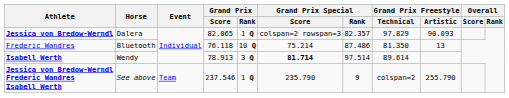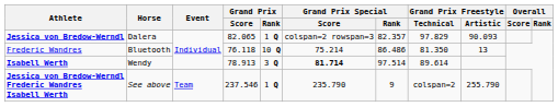 <table class=wikitable style="font-size:90%; text-align:center;">
 <tr>
 <th rowspan=2>Athlete</th>
 <th rowspan=2>Horse</th>
 <th rowspan=2>Event</th>
 <th colspan=2>Grand Prix</th>
 <th colspan=2>Grand Prix Special</th>
 <th colspan=2>Grand Prix Freestyle</th>
 <th colspan=2>Overall</th>
 </tr>
 <tr style=font-size:95%>
 <th>Score</th>
 <th>Rank</th>
 <th>Score</th>
 <th>Rank</th>
 <th>Technical</th>
 <th>Artistic</th>
 <th>Score</th>
 <th>Rank</th>
 </tr>
 <tr>
 <td align=left><strong><a href='#'>Jessica von Bredow-Werndl</a></strong></td>
 <td align=left>Dalera</td>
 <td rowspan=3 align=left><a href='#'>Individual</a></td>
 <td>82.065</td>
 <td>1 <strong>Q</strong></td>
 <td>colspan=2 rowspan=3 </td>
 <td>82.357</td>
 <td>97.829</td>
 <td>90.093</td>
 <td></td>
 </tr>
 <tr>
 <td align=left><a href='#'>Frederic Wandres</a></td>
 <td align=left>Bluetooth</td>
 <td>76.118</td>
 <td>10 <strong>Q</strong></td>
 <td>75.214</td>
-<td>87.486</td>
+<td>86.486</td>
 <td>81.350</td>
 <td>13</td>
 </tr>
 <tr>
 <td align=left><strong><a href='#'>Isabell Werth</a></strong></td>
 <td align=left>Wendy</td>
 <td>78.913</td>
 <td>3 <strong>Q</strong></td>
 <td><strong>81.714</strong></td>
 <td>97.514</td>
 <td>89.614</td>
 <td></td>
 </tr>
 <tr>
 <td align=left><strong><a href='#'>Jessica von Bredow-Werndl</a><br><a href='#'>Frederic Wandres</a><br><a href='#'>Isabell Werth</a></strong></td>
 <td align=left><em>See above</em></td>
 <td align=left><a href='#'>Team</a></td>
 <td>237.546</td>
 <td>1 <strong>Q</strong></td>
 <td>235.790</td>
 <td>9</td>
 <td>colspan=2 </td>
 <td>255.790</td>
 <td></td>
 </tr>
 </table>
